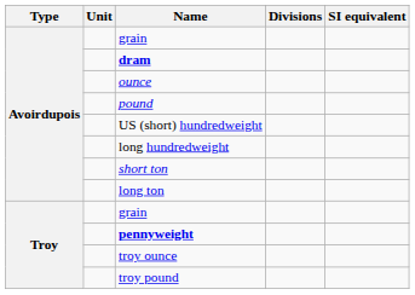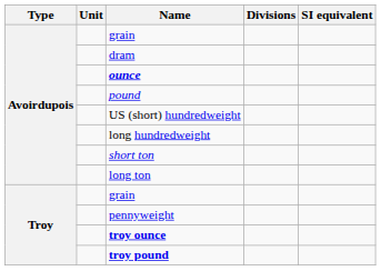 <table class="wikitable">
 <tr>
 <th>Type</th>
 <th>Unit</th>
 <th>Name</th>
 <th>Divisions</th>
 <th>SI equivalent</th>
 </tr>
 <tr>
 <th rowspan="8" scope="row">Avoirdupois</th>
 <td></td>
 <td><a href='#'>grain</a></td>
 <td></td>
 <td></td>
 </tr>
 <tr>
 <td></td>
-<td><strong><a href='#'>dram</a></strong></td>
+<td><a href='#'>dram</a></td>
 <td></td>
 <td></td>
 </tr>
 <tr>
 <td></td>
-<td><em><a href='#'>ounce</a></em></td>
+<td><strong><em><a href='#'>ounce</a></em></strong></td>
 <td></td>
 <td></td>
 </tr>
 <tr>
 <td></td>
 <td><em><a href='#'>pound</a></em></td>
 <td></td>
 <td></td>
 </tr>
 <tr>
 <td></td>
 <td>US (short) <a href='#'>hundredweight</a></td>
 <td></td>
 <td></td>
 </tr>
 <tr>
 <td></td>
 <td>long <a href='#'>hundredweight</a></td>
 <td></td>
 <td></td>
 </tr>
 <tr>
 <td></td>
 <td><em><a href='#'>short ton</a></em></td>
 <td></td>
 <td></td>
 </tr>
 <tr>
 <td></td>
 <td><a href='#'>long ton</a></td>
 <td></td>
 <td></td>
 </tr>
 <tr>
 <th rowspan="4" scope="row">Troy</th>
 <td></td>
 <td><a href='#'>grain</a></td>
 <td></td>
 <td></td>
 </tr>
 <tr>
 <td></td>
-<td><strong><a href='#'>pennyweight</a></strong></td>
+<td><a href='#'>pennyweight</a></td>
 <td></td>
 <td></td>
 </tr>
 <tr>
 <td></td>
-<td><a href='#'>troy ounce</a></td>
+<td><strong><a href='#'>troy ounce</a></strong></td>
 <td></td>
 <td></td>
 </tr>
 <tr>
 <td></td>
-<td><a href='#'>troy pound</a></td>
+<td><strong><a href='#'>troy pound</a></strong></td>
 <td></td>
 <td></td>
 </tr>
 </table>
